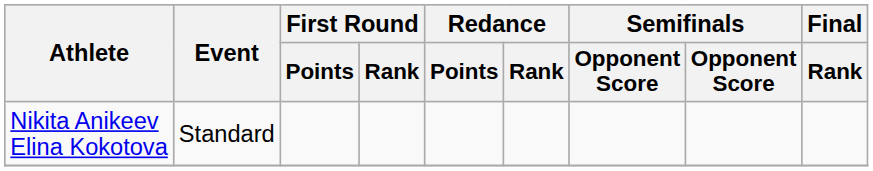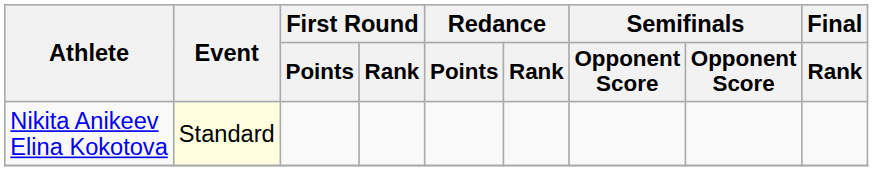 <table class=wikitable style="font-size:90%">
 <tr>
 <th rowspan="2">Athlete</th>
 <th rowspan="2">Event</th>
 <th colspan="2">First Round</th>
 <th colspan="2">Redance</th>
 <th colspan="2">Semifinals</th>
 <th colspan="2">Final</th>
 </tr>
 <tr style="font-size:95%">
 <th>Points</th>
 <th>Rank</th>
 <th>Points</th>
 <th>Rank</th>
 <th>Opponent<br>Score</th>
 <th>Opponent<br>Score</th>
 <th>Rank</th>
 </tr>
 <tr align=center>
 <td align=left><a href='#'>Nikita Anikeev</a><br><a href='#'>Elina Kokotova</a></td>
-<td align=left>Standard</td>
+<td align=left style="background: lightyellow;">Standard</td>
 <td></td>
 <td></td>
 <td></td>
 <td></td>
 <td></td>
 <td></td>
 <td></td>
 </tr>
 <tr>
 </tr>
 </table>
